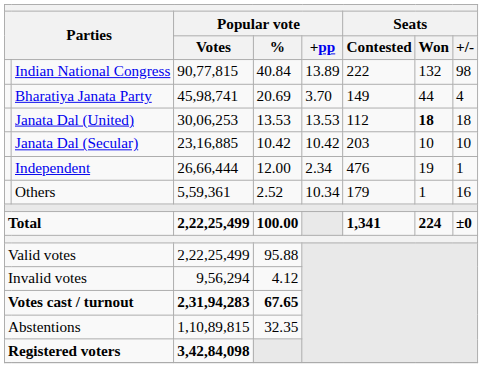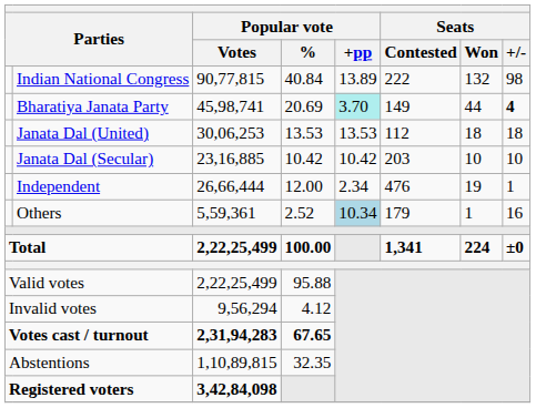 <table class="wikitable">
 <tr>
 <th colspan="13"></th>
 </tr>
 <tr>
 <th colspan="2" rowspan="2">Parties</th>
 <th colspan="3">Popular vote</th>
 <th colspan="3">Seats</th>
 </tr>
 <tr>
 <th>Votes</th>
 <th>%</th>
 <th>+<a href='#'>pp</a></th>
 <th>Contested</th>
 <th>Won</th>
 <th>+/-</th>
 </tr>
 <tr>
 <td style="background-color:"></td>
 <td><a href='#'>Indian National Congress</a></td>
 <td>90,77,815</td>
 <td>40.84</td>
 <td>13.89</td>
 <td>222</td>
 <td>132</td>
 <td>98</td>
 </tr>
 <tr>
 <td style="background-color:"></td>
 <td><a href='#'>Bharatiya Janata Party</a></td>
 <td>45,98,741</td>
 <td>20.69</td>
-<td>3.70</td>
+<td style="background: paleturquoise;">3.70</td>
 <td>149</td>
 <td>44</td>
-<td>4</td>
+<td><strong>4</strong></td>
 </tr>
 <tr>
 <td style="background-color:"></td>
 <td><a href='#'>Janata Dal (United)</a></td>
 <td>30,06,253</td>
 <td>13.53</td>
 <td>13.53</td>
 <td>112</td>
-<td><strong>18</strong></td>
+<td>18</td>
 <td>18</td>
 </tr>
 <tr>
 <td style="background-color:"></td>
 <td><a href='#'>Janata Dal (Secular)</a></td>
 <td>23,16,885</td>
 <td>10.42</td>
 <td>10.42</td>
 <td>203</td>
 <td>10</td>
 <td>10</td>
 </tr>
 <tr>
 <td style="background-color:"></td>
 <td><a href='#'>Independent</a></td>
 <td>26,66,444</td>
 <td>12.00</td>
 <td>2.34</td>
 <td>476</td>
 <td>19</td>
 <td>1</td>
 </tr>
 <tr>
 <td style="background-color:"></td>
 <td>Others</td>
 <td>5,59,361</td>
 <td>2.52</td>
-<td>10.34</td>
+<td style="background: lightblue;">10.34</td>
 <td>179</td>
 <td>1</td>
 <td>16</td>
 </tr>
 <tr>
 <td colspan="8" bgcolor="#E9E9E9"></td>
 </tr>
 <tr style="font-weight:bold;">
 <td align="left" colspan="2">Total</td>
 <td>2,22,25,499</td>
 <td>100.00</td>
 <td bgcolor="#E9E9E9"></td>
 <td>1,341</td>
 <td>224</td>
 <td>±0</td>
 </tr>
 <tr>
 <th colspan="9"></th>
 </tr>
 <tr>
 <td style="text-align:left;" colspan="2">Valid votes</td>
 <td align="right">2,22,25,499</td>
 <td align="right">95.88</td>
 <td colspan="4" rowspan="5" style="background-color:#E9E9E9"></td>
 </tr>
 <tr>
 <td style="text-align:left;" colspan="2">Invalid votes</td>
 <td align="right">9,56,294</td>
 <td align="right">4.12</td>
 </tr>
 <tr>
 <td style="text-align:left;" colspan="2"><strong>Votes cast / turnout</strong></td>
 <td align="right"><strong>2,31,94,283</strong></td>
 <td align="right"><strong>67.65</strong></td>
 </tr>
 <tr>
 <td style="text-align:left;" colspan="2">Abstentions</td>
 <td align="right">1,10,89,815</td>
 <td align="right">32.35</td>
 </tr>
 <tr>
 <td style="text-align:left;" colspan="2"><strong>Registered voters</strong></td>
 <td align="right"><strong>3,42,84,098</strong></td>
 <td colspan="1" style="background-color:#E9E9E9"></td>
 </tr>
 <tr>
 </tr>
 </table>
